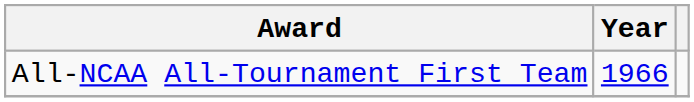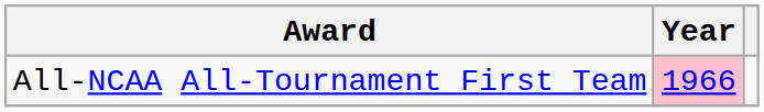 <table class="wikitable">
 <tr>
 <th>Award</th>
 <th>Year</th>
 <th></th>
 </tr>
 <tr>
 <td>All-<a href='#'>NCAA</a> <a href='#'>All-Tournament First Team</a></td>
-<td><a href='#'>1966</a></td>
+<td style="background: pink;"><a href='#'>1966</a></td>
 <td></td>
 </tr>
 <tr>
 </tr>
 </table>
